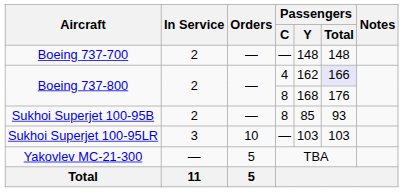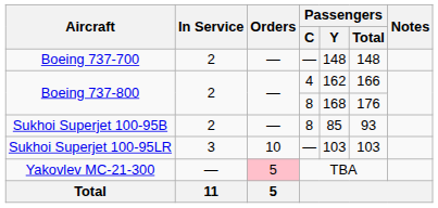 <table class="wikitable" style="margin:1em auto; text-align:center;">
 <tr>
 <th rowspan="2">Aircraft</th>
 <th rowspan="2">In Service</th>
 <th rowspan="2">Orders</th>
 <th colspan="3">Passengers</th>
 <th rowspan="2">Notes</th>
 </tr>
 <tr>
 <th><abbr>C</abbr></th>
 <th><abbr>Y</abbr></th>
 <th>Total</th>
 </tr>
 <tr>
 <td><a href='#'>Boeing 737-700</a></td>
 <td>2</td>
 <td>—</td>
 <td>—</td>
 <td>148</td>
 <td>148</td>
 <td></td>
 </tr>
 <tr>
 <td rowspan="2"><a href='#'>Boeing 737-800</a></td>
 <td rowspan="2">2</td>
 <td rowspan="2">—</td>
 <td>4</td>
 <td>162</td>
-<td style="background: lavender;">166</td>
+<td>166</td>
 <td rowspan="2"></td>
 </tr>
 <tr>
 <td>8</td>
 <td>168</td>
 <td>176</td>
 </tr>
 <tr>
 <td><a href='#'>Sukhoi Superjet 100-95B</a></td>
 <td>2</td>
 <td>—</td>
 <td>8</td>
 <td>85</td>
 <td>93</td>
 <td></td>
 </tr>
 <tr>
 <td><a href='#'>Sukhoi Superjet 100-95LR</a></td>
 <td>3</td>
 <td>10</td>
 <td>—</td>
 <td>103</td>
 <td>103</td>
 <td></td>
 </tr>
 <tr>
 <td><a href='#'>Yakovlev MC-21-300</a></td>
 <td>—</td>
-<td>5</td>
+<td style="background: pink;">5</td>
 <td colspan="3"><abbr>TBA</abbr></td>
 <td></td>
 </tr>
 <tr>
 <th>Total</th>
 <th>11</th>
 <th>5</th>
 <th colspan="4"></th>
 </tr>
 </table>
